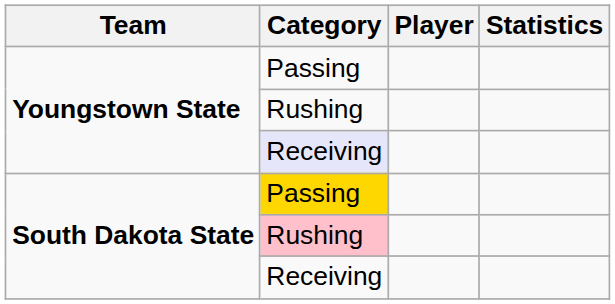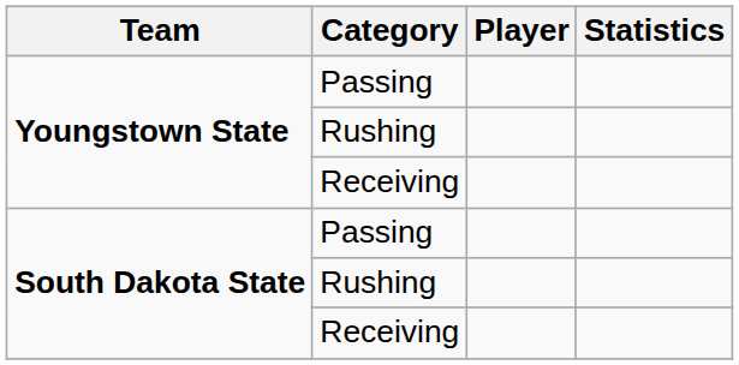 <table class="wikitable" style="float: right;">
 <tr>
 <th>Team</th>
 <th>Category</th>
 <th>Player</th>
 <th>Statistics</th>
 </tr>
 <tr>
 <td rowspan=3><strong>Youngstown State</strong></td>
 <td>Passing</td>
 <td></td>
 <td></td>
 </tr>
 <tr>
 <td>Rushing</td>
 <td></td>
 <td></td>
 </tr>
 <tr>
-<td style="background: lavender;">Receiving</td>
+<td>Receiving</td>
 <td></td>
 <td></td>
 </tr>
 <tr>
 <td rowspan=3><strong>South Dakota State</strong></td>
-<td style="background: gold;">Passing</td>
+<td>Passing</td>
 <td></td>
 <td></td>
 </tr>
 <tr>
-<td style="background: pink;">Rushing</td>
+<td>Rushing</td>
 <td></td>
 <td></td>
 </tr>
 <tr>
 <td>Receiving</td>
 <td></td>
 <td></td>
 </tr>
 </table>
